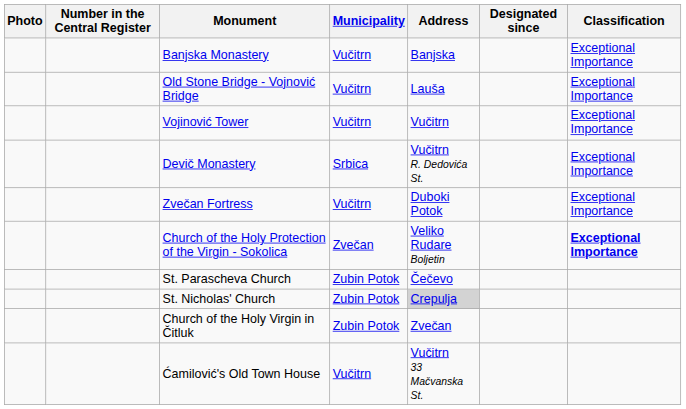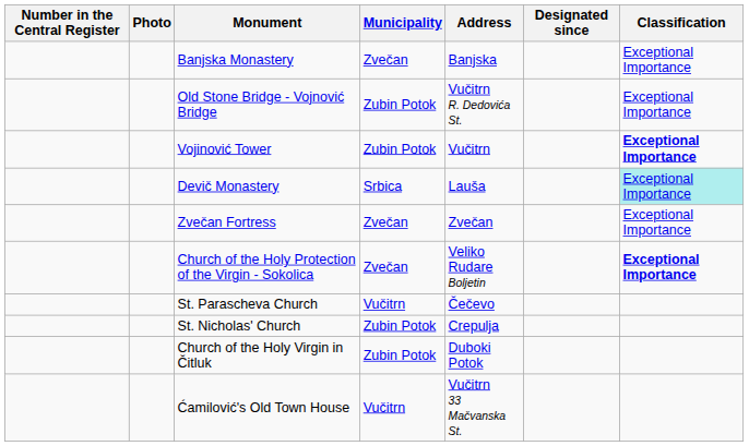 <table class="wikitable sortable">
 <tr>
+<th>Number in the Central Register</th>
 <th>Photo</th>
-<th>Number in the Central Register</th>
 <th>Monument</th>
 <th><a href='#'>Municipality</a></th>
 <th>Address</th>
 <th>Designated since</th>
 <th>Classification</th>
 </tr>
 <tr>
 <td></td>
 <td></td>
 <td><a href='#'>Banjska Monastery</a></td>
-<td><a href='#'>Vučitrn</a></td>
+<td><a href='#'>Zvečan</a></td>
 <td><a href='#'>Banjska</a><br></td>
 <td></td>
 <td><a href='#'>Exceptional Importance</a></td>
 </tr>
 <tr>
 <td></td>
 <td></td>
 <td><a href='#'>Old Stone Bridge - Vojnović Bridge</a></td>
-<td><a href='#'>Vučitrn</a></td>
-<td><a href='#'>Lauša</a><br></td>
+<td><a href='#'>Zubin Potok</a></td>
+<td><a href='#'>Vučitrn</a><br><em><small>R. Dedovića St.</small></em> </td>
 <td align="left"></td>
 <td><a href='#'>Exceptional Importance</a></td>
 </tr>
 <tr>
 <td></td>
 <td></td>
 <td><a href='#'>Vojinović Tower</a></td>
-<td><a href='#'>Vučitrn</a></td>
+<td><a href='#'>Zubin Potok</a></td>
 <td><a href='#'>Vučitrn</a><br></td>
 <td align="left"></td>
-<td><a href='#'>Exceptional Importance</a></td>
+<td><strong><a href='#'>Exceptional Importance</a></strong></td>
 </tr>
 <tr>
 <td></td>
 <td></td>
 <td><a href='#'>Devič Monastery</a></td>
 <td><a href='#'>Srbica</a></td>
-<td><a href='#'>Vučitrn</a><br><em><small>R. Dedovića St.</small></em> </td>
+<td><a href='#'>Lauša</a><br></td>
 <td></td>
-<td><a href='#'>Exceptional Importance</a></td>
+<td style="background: paleturquoise;"><a href='#'>Exceptional Importance</a></td>
 </tr>
 <tr>
 <td></td>
 <td></td>
 <td><a href='#'>Zvečan Fortress</a></td>
-<td><a href='#'>Vučitrn</a></td>
-<td><a href='#'>Duboki Potok</a><br></td>
+<td><a href='#'>Zvečan</a></td>
+<td><a href='#'>Zvečan</a><br></td>
 <td></td>
 <td><a href='#'>Exceptional Importance</a></td>
 </tr>
 <tr>
 <td></td>
 <td></td>
 <td><a href='#'>Church of the Holy Protection of the Virgin - Sokolica</a></td>
 <td><a href='#'>Zvečan</a></td>
 <td><a href='#'>Veliko Rudare</a><br><small><em>Boljetin</em></small> </td>
 <td></td>
 <td><strong><a href='#'>Exceptional Importance</a></strong></td>
 </tr>
 <tr>
 <td></td>
 <td></td>
 <td>St. Parascheva Church</td>
-<td><a href='#'>Zubin Potok</a></td>
+<td><a href='#'>Vučitrn</a></td>
 <td><a href='#'>Čečevo</a><br></td>
 <td></td>
 <td></td>
 </tr>
 <tr>
 <td></td>
 <td></td>
 <td>St. Nicholas' Church</td>
 <td><a href='#'>Zubin Potok</a></td>
-<td style="background: lightgrey;"><a href='#'>Crepulja</a><br></td>
+<td><a href='#'>Crepulja</a><br></td>
 <td></td>
 <td></td>
 </tr>
 <tr>
 <td></td>
 <td></td>
 <td>Church of the Holy Virgin in Čitluk</td>
 <td><a href='#'>Zubin Potok</a></td>
-<td><a href='#'>Zvečan</a><br></td>
+<td><a href='#'>Duboki Potok</a><br></td>
 <td></td>
 <td></td>
 </tr>
 <tr>
 <td></td>
 <td></td>
 <td>Ćamilović's Old Town House</td>
 <td><a href='#'>Vučitrn</a></td>
 <td><a href='#'>Vučitrn</a><br><em><small>33 Mačvanska St.</small></em></td>
 <td></td>
 <td></td>
 </tr>
 </table>
